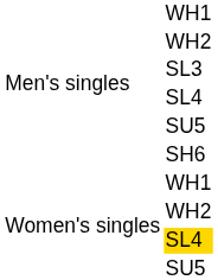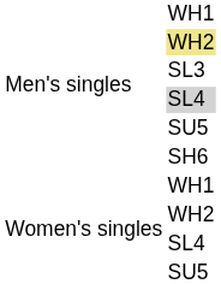 <table>
 <tr>
 <td rowspan=6>Men's singles</td>
 <td>WH1<br></td>
 <td></td>
 <td></td>
 <td></td>
 </tr>
 <tr>
-<td>WH2<br></td>
+<td style="background: khaki;">WH2<br></td>
 <td></td>
 <td></td>
 <td></td>
 </tr>
 <tr>
 <td>SL3<br></td>
 <td></td>
 <td></td>
 <td></td>
 </tr>
 <tr>
-<td>SL4<br></td>
+<td style="background: lightgrey;">SL4<br></td>
 <td></td>
 <td></td>
 <td></td>
 </tr>
 <tr>
 <td>SU5<br></td>
 <td></td>
 <td></td>
 <td></td>
 </tr>
 <tr>
 <td>SH6<br></td>
 <td></td>
 <td></td>
 <td></td>
 </tr>
 <tr>
 <td rowspan=4>Women's singles</td>
 <td>WH1<br></td>
 <td></td>
 <td></td>
 <td></td>
 </tr>
 <tr>
 <td>WH2<br></td>
 <td></td>
 <td></td>
 <td></td>
 </tr>
 <tr>
-<td style="background: gold;">SL4<br></td>
+<td>SL4<br></td>
 <td></td>
 <td></td>
 <td></td>
 </tr>
 <tr>
 <td>SU5<br></td>
 <td></td>
 <td></td>
 <td></td>
 </tr>
 </table>
